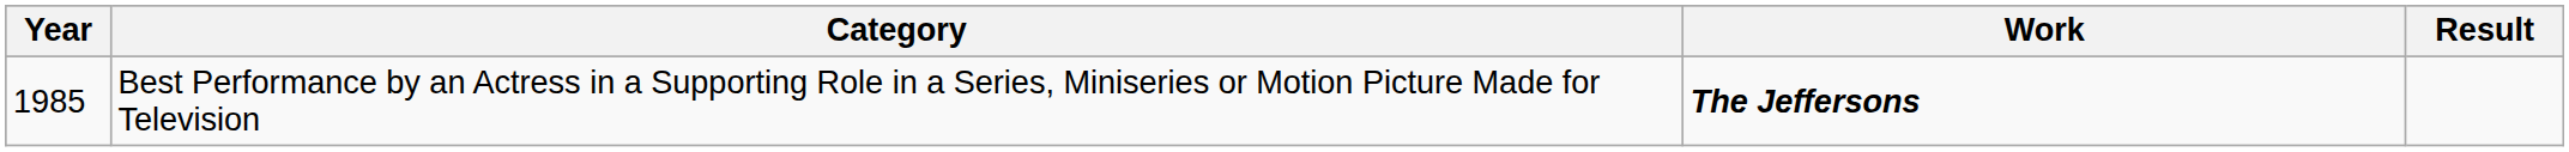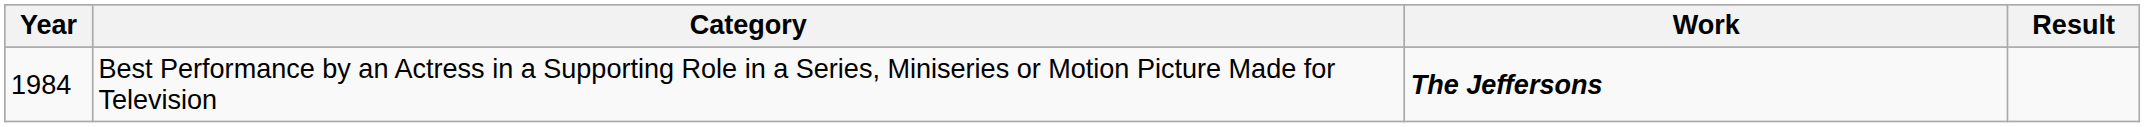 <table class="wikitable" style="width:100%;">
 <tr>
 <th style="width:3%;">Year</th>
 <th style="width:50%;">Category</th>
 <th style="width:23%;">Work</th>
 <th style="width:5%;">Result</th>
 </tr>
 <tr>
-<td>1985</td>
+<td>1984</td>
 <td>Best Performance by an Actress in a Supporting Role in a Series, Miniseries or Motion Picture Made for Television</td>
 <td><strong><em>The Jeffersons</em></strong></td>
 <td></td>
 </tr>
 </table>
